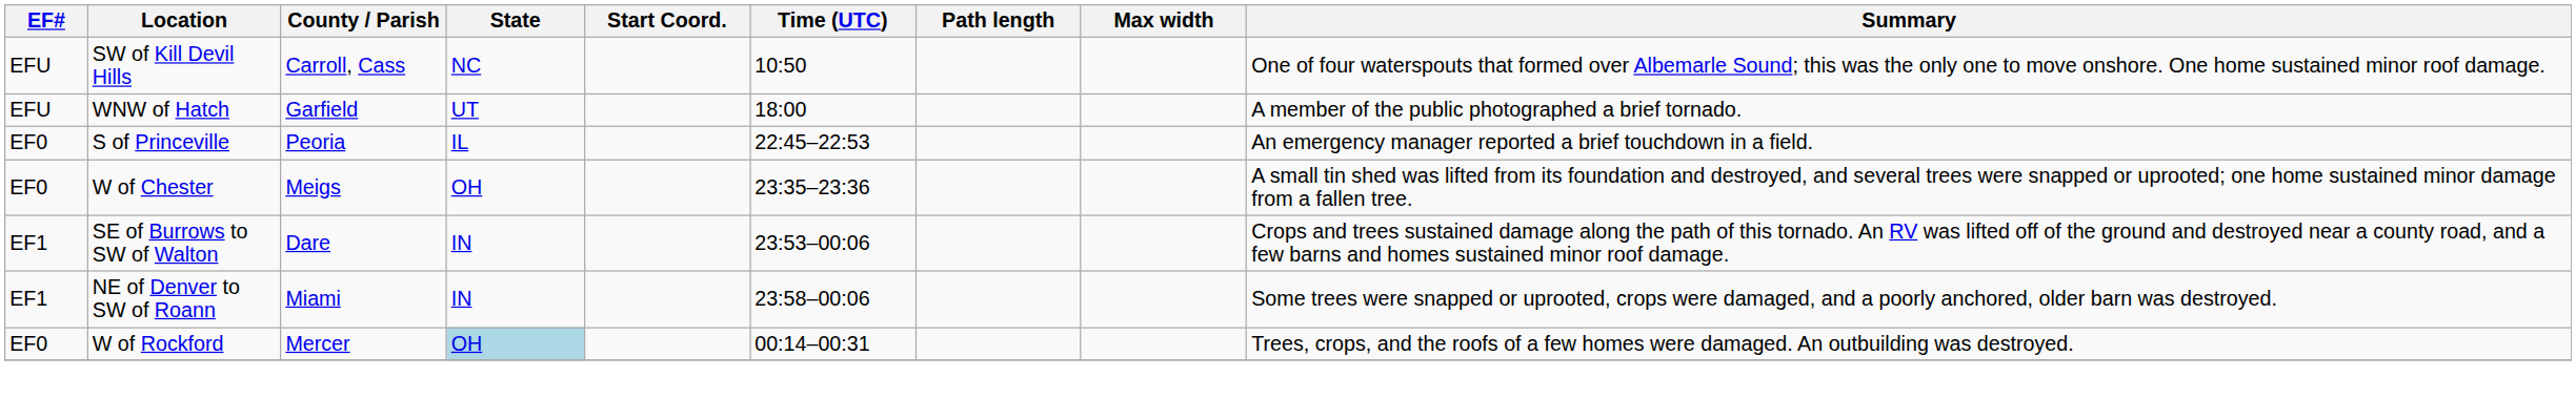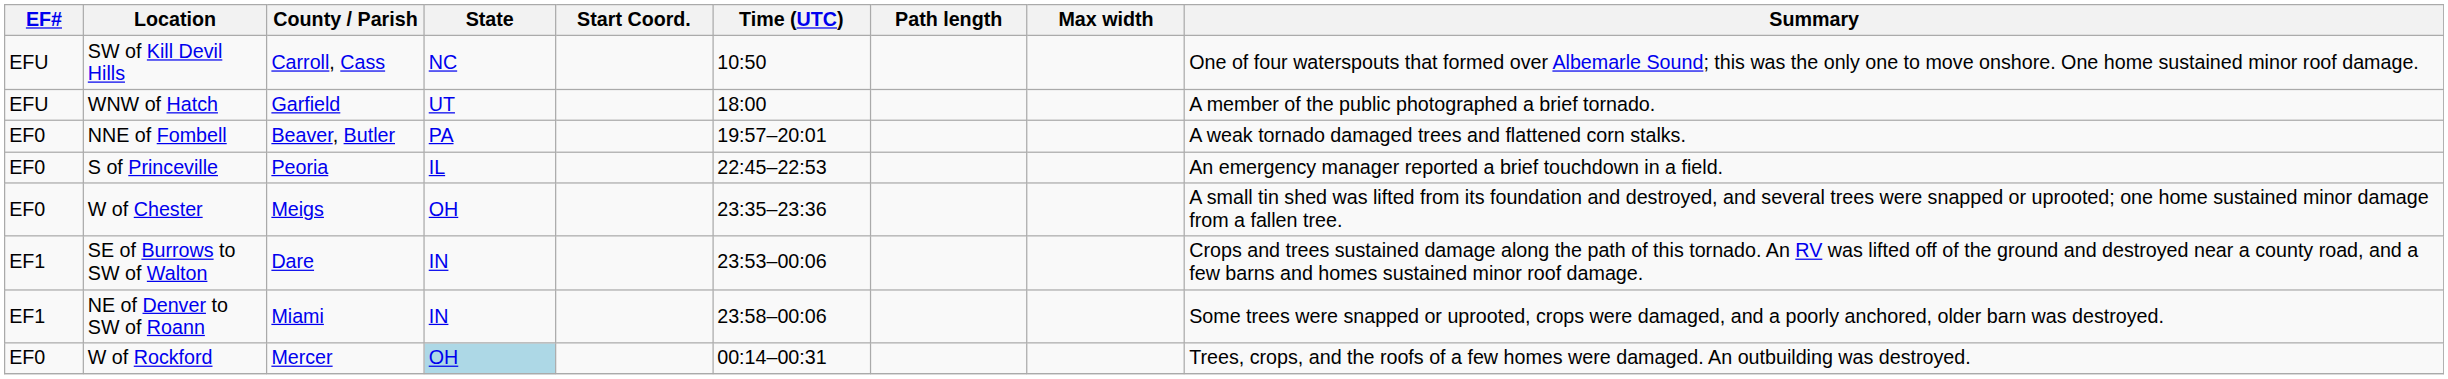 <table class="wikitable sortable" style="width:100%;">
 <tr>
 <th scope="col"  style="width:3%; text-align:center;"><a href='#'>EF#</a></th>
 <th scope="col"  style="width:7%; text-align:center;" class="unsortable">Location</th>
 <th scope="col"  style="width:6%; text-align:center;" class="unsortable">County / Parish</th>
 <th scope="col"  style="width:5%; text-align:center;">State</th>
 <th scope="col"  style="width:6%; text-align:center;">Start Coord.</th>
 <th scope="col"  style="width:6%; text-align:center;">Time (<a href='#'>UTC</a>)</th>
 <th scope="col"  style="width:6%; text-align:center;">Path length</th>
 <th scope="col"  style="width:6%; text-align:center;">Max width</th>
 <th scope="col" class="unsortable" style="width:48%; text-align:center;">Summary</th>
 </tr>
 <tr>
 <td>EFU</td>
 <td>SW of <a href='#'>Kill Devil Hills</a></td>
 <td><a href='#'>Carroll</a>, <a href='#'>Cass</a></td>
 <td><a href='#'>NC</a></td>
 <td></td>
 <td>10:50</td>
 <td></td>
 <td></td>
 <td>One of four waterspouts that formed over <a href='#'>Albemarle Sound</a>; this was the only one to move onshore. One home sustained minor roof damage.</td>
 </tr>
 <tr>
 <td>EFU</td>
 <td>WNW of <a href='#'>Hatch</a></td>
 <td><a href='#'>Garfield</a></td>
 <td><a href='#'>UT</a></td>
 <td></td>
 <td>18:00</td>
 <td></td>
 <td></td>
 <td>A member of the public photographed a brief tornado.</td>
+</tr>
+<tr>
+<td>EF0</td>
+<td>NNE of <a href='#'>Fombell</a></td>
+<td><a href='#'>Beaver</a>, <a href='#'>Butler</a></td>
+<td><a href='#'>PA</a></td>
+<td></td>
+<td>19:57–20:01</td>
+<td></td>
+<td></td>
+<td>A weak tornado damaged trees and flattened corn stalks.</td>
 </tr>
 <tr>
 <td>EF0</td>
 <td>S of <a href='#'>Princeville</a></td>
 <td><a href='#'>Peoria</a></td>
 <td><a href='#'>IL</a></td>
 <td></td>
 <td>22:45–22:53</td>
 <td></td>
 <td></td>
 <td>An emergency manager reported a brief touchdown in a field.</td>
 </tr>
 <tr>
 <td>EF0</td>
 <td>W of <a href='#'>Chester</a></td>
 <td><a href='#'>Meigs</a></td>
 <td><a href='#'>OH</a></td>
 <td></td>
 <td>23:35–23:36</td>
 <td></td>
 <td></td>
 <td>A small tin shed was lifted from its foundation and destroyed, and several trees were snapped or uprooted; one home sustained minor damage from a fallen tree.</td>
 </tr>
 <tr>
 <td>EF1</td>
 <td>SE of <a href='#'>Burrows</a> to SW of <a href='#'>Walton</a></td>
 <td><a href='#'>Dare</a></td>
 <td><a href='#'>IN</a></td>
 <td></td>
 <td>23:53–00:06</td>
 <td></td>
 <td></td>
 <td>Crops and trees sustained damage along the path of this tornado. An <a href='#'>RV</a> was lifted off of the ground and destroyed near a county road, and a few barns and homes sustained minor roof damage.</td>
 </tr>
 <tr>
 <td>EF1</td>
 <td>NE of <a href='#'>Denver</a> to SW of <a href='#'>Roann</a></td>
 <td><a href='#'>Miami</a></td>
 <td><a href='#'>IN</a></td>
 <td></td>
 <td>23:58–00:06</td>
 <td></td>
 <td></td>
 <td>Some trees were snapped or uprooted, crops were damaged, and a poorly anchored, older barn was destroyed.</td>
 </tr>
 <tr>
 <td>EF0</td>
 <td>W of <a href='#'>Rockford</a></td>
 <td><a href='#'>Mercer</a></td>
 <td style="background: lightblue;"><a href='#'>OH</a></td>
 <td></td>
 <td>00:14–00:31</td>
 <td></td>
 <td></td>
 <td>Trees, crops, and the roofs of a few homes were damaged. An outbuilding was destroyed.</td>
 </tr>
 <tr>
 </tr>
 </table>
